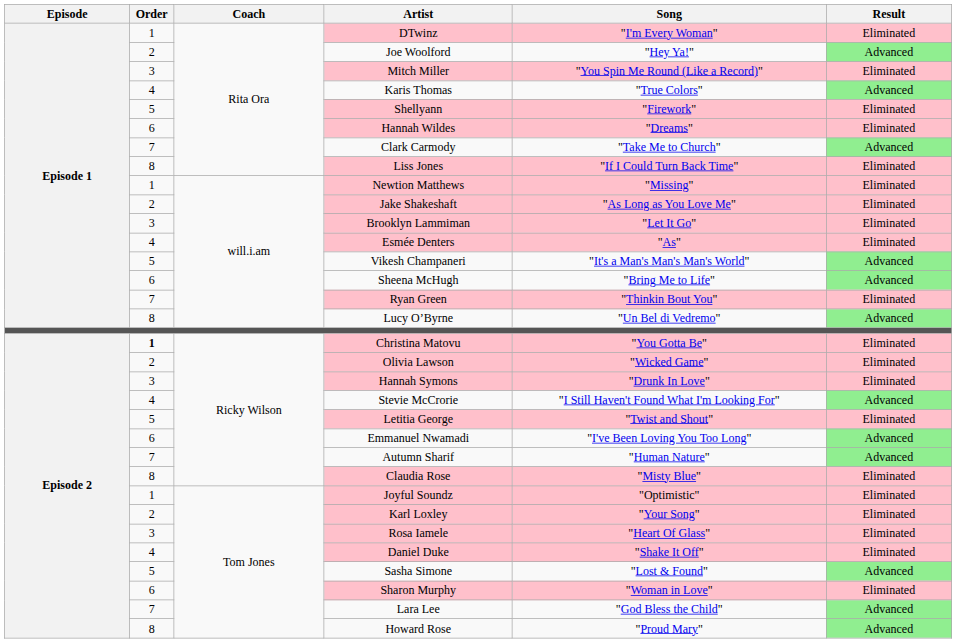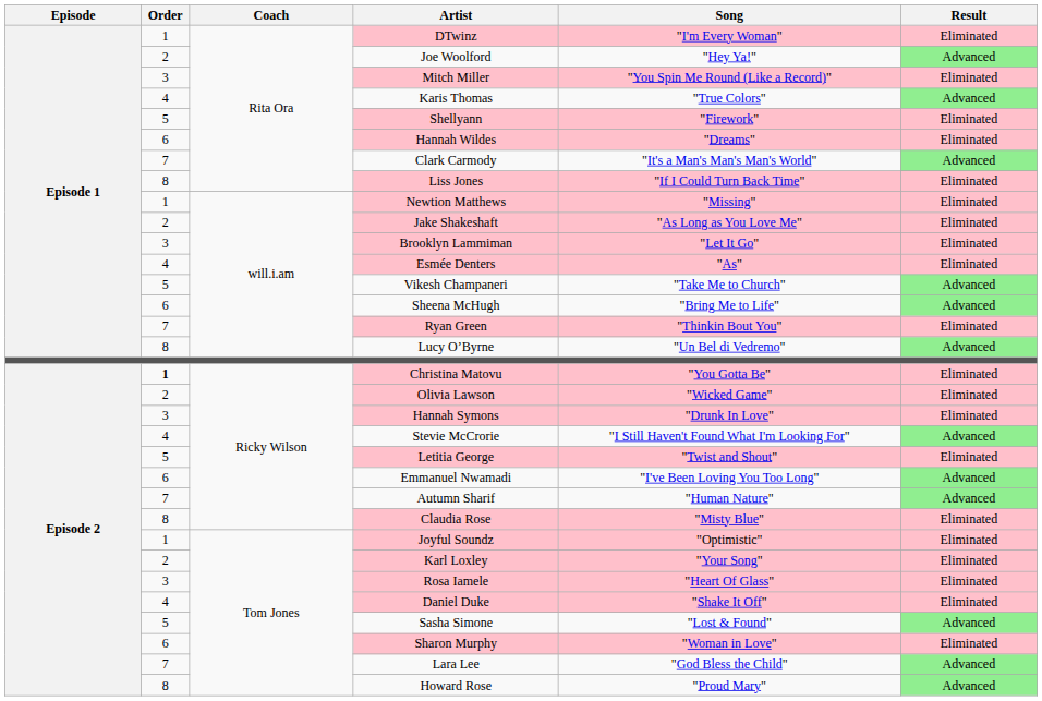 <table class="wikitable" style="text-align: center; width:100%;">
 <tr>
 <th style="width:10%;">Episode</th>
 <th style="width:02%;">Order</th>
 <th style="width:12%;">Coach</th>
 <th style="width:15%;">Artist</th>
 <th style="width:25%;">Song</th>
 <th style="width:10%;">Result</th>
 </tr>
 <tr>
 <th rowspan="16">Episode 1<br><small></small></th>
 <td>1</td>
 <td rowspan="8">Rita Ora</td>
 <td style="background:pink;">DTwinz</td>
 <td style="background:pink;">"<a href='#'>I'm Every Woman</a>"</td>
 <td style="background:pink;">Eliminated</td>
 </tr>
 <tr>
 <td>2</td>
 <td>Joe Woolford</td>
 <td>"<a href='#'>Hey Ya!</a>"</td>
 <td style="background:lightgreen;">Advanced</td>
 </tr>
 <tr>
 <td>3</td>
 <td style="background:pink;">Mitch Miller</td>
 <td style="background:pink;">"<a href='#'>You Spin Me Round (Like a Record)</a>"</td>
 <td style="background:pink;">Eliminated</td>
 </tr>
 <tr>
 <td>4</td>
 <td>Karis Thomas</td>
 <td>"<a href='#'>True Colors</a>"</td>
 <td style="background:lightgreen;">Advanced</td>
 </tr>
 <tr>
 <td>5</td>
 <td style="background:pink;">Shellyann</td>
 <td style="background:pink;">"<a href='#'>Firework</a>"</td>
 <td style="background:pink;">Eliminated</td>
 </tr>
 <tr>
 <td>6</td>
 <td style="background:pink;">Hannah Wildes</td>
 <td style="background:pink;">"<a href='#'>Dreams</a>"</td>
 <td style="background:pink;">Eliminated</td>
 </tr>
 <tr>
 <td>7</td>
 <td>Clark Carmody</td>
-<td>"<a href='#'>Take Me to Church</a>"</td>
+<td>"<a href='#'>It's a Man's Man's Man's World</a>"</td>
 <td style="background:lightgreen;">Advanced</td>
 </tr>
 <tr>
 <td>8</td>
 <td style="background:pink;">Liss Jones</td>
 <td style="background:pink;">"<a href='#'>If I Could Turn Back Time</a>"</td>
 <td style="background:pink;">Eliminated</td>
 </tr>
 <tr>
 <td>1</td>
 <td rowspan="8">will.i.am</td>
 <td style="background:pink;">Newtion Matthews</td>
 <td style="background:pink;">"<a href='#'>Missing</a>"</td>
 <td style="background:pink;">Eliminated</td>
 </tr>
 <tr>
 <td>2</td>
 <td style="background:pink;">Jake Shakeshaft</td>
 <td style="background:pink;">"<a href='#'>As Long as You Love Me</a>"</td>
 <td style="background:pink;">Eliminated</td>
 </tr>
 <tr>
 <td>3</td>
 <td style="background:pink;">Brooklyn Lammiman</td>
 <td style="background:pink;">"<a href='#'>Let It Go</a>"</td>
 <td style="background:pink;">Eliminated</td>
 </tr>
 <tr>
 <td>4</td>
 <td style="background:pink;">Esmée Denters</td>
 <td style="background:pink;">"<a href='#'>As</a>"</td>
 <td style="background:pink;">Eliminated</td>
 </tr>
 <tr>
 <td>5</td>
 <td>Vikesh Champaneri</td>
-<td>"<a href='#'>It's a Man's Man's Man's World</a>"</td>
+<td>"<a href='#'>Take Me to Church</a>"</td>
 <td style="background:lightgreen;">Advanced</td>
 </tr>
 <tr>
 <td>6</td>
 <td>Sheena McHugh</td>
 <td>"<a href='#'>Bring Me to Life</a>"</td>
 <td style="background:lightgreen;">Advanced</td>
 </tr>
 <tr>
 <td>7</td>
 <td style="background:pink;">Ryan Green</td>
 <td style="background:pink;">"<a href='#'>Thinkin Bout You</a>"</td>
 <td style="background:pink;">Eliminated</td>
 </tr>
 <tr>
 <td>8</td>
 <td>Lucy O’Byrne</td>
 <td>"<a href='#'>Un Bel di Vedremo</a>"</td>
 <td style="background:lightgreen;">Advanced</td>
 </tr>
 <tr>
 <td colspan="10" style="background:#555555;"></td>
 </tr>
 <tr>
 <th rowspan="16">Episode 2<br><small></small></th>
 <td><strong>1</strong></td>
 <td rowspan="8">Ricky Wilson</td>
 <td style="background:pink;">Christina Matovu</td>
 <td style="background:pink;">"<a href='#'>You Gotta Be</a>"</td>
 <td style="background:pink;">Eliminated</td>
 </tr>
 <tr>
 <td>2</td>
 <td style="background:pink;">Olivia Lawson</td>
 <td style="background:pink;">"<a href='#'>Wicked Game</a>"</td>
 <td style="background:pink;">Eliminated</td>
 </tr>
 <tr>
 <td>3</td>
 <td style="background:pink;">Hannah Symons</td>
 <td style="background:pink;">"<a href='#'>Drunk In Love</a>"</td>
 <td style="background:pink;">Eliminated</td>
 </tr>
 <tr>
 <td>4</td>
 <td>Stevie McCrorie</td>
 <td>"<a href='#'>I Still Haven't Found What I'm Looking For</a>"</td>
 <td style="background:lightgreen;">Advanced</td>
 </tr>
 <tr>
 <td>5</td>
 <td style="background:pink;">Letitia George</td>
 <td style="background:pink;">"<a href='#'>Twist and Shout</a>"</td>
 <td style="background:pink;">Eliminated</td>
 </tr>
 <tr>
 <td>6</td>
 <td>Emmanuel Nwamadi</td>
 <td>"<a href='#'>I've Been Loving You Too Long</a>"</td>
 <td style="background:lightgreen;">Advanced</td>
 </tr>
 <tr>
 <td>7</td>
 <td>Autumn Sharif</td>
 <td>"<a href='#'>Human Nature</a>"</td>
 <td style="background:lightgreen;">Advanced</td>
 </tr>
 <tr>
 <td>8</td>
 <td style="background:pink;">Claudia Rose</td>
 <td style="background:pink;">"<a href='#'>Misty Blue</a>"</td>
 <td style="background:pink;">Eliminated</td>
 </tr>
 <tr>
 <td>1</td>
 <td rowspan="8">Tom Jones</td>
 <td style="background:pink;">Joyful Soundz</td>
 <td style="background:pink;">"Optimistic"</td>
 <td style="background:pink;">Eliminated</td>
 </tr>
 <tr>
 <td>2</td>
 <td style="background:pink;">Karl Loxley</td>
 <td style="background:pink;">"<a href='#'>Your Song</a>"</td>
 <td style="background:pink;">Eliminated</td>
 </tr>
 <tr>
 <td>3</td>
 <td style="background:pink;">Rosa Iamele</td>
 <td style="background:pink;">"<a href='#'>Heart Of Glass</a>"</td>
 <td style="background:pink;">Eliminated</td>
 </tr>
 <tr>
 <td>4</td>
 <td style="background:pink;">Daniel Duke</td>
 <td style="background:pink;">"<a href='#'>Shake It Off</a>"</td>
 <td style="background:pink;">Eliminated</td>
 </tr>
 <tr>
 <td>5</td>
 <td>Sasha Simone</td>
 <td>"<a href='#'>Lost & Found</a>"</td>
 <td style="background:lightgreen;">Advanced</td>
 </tr>
 <tr>
 <td>6</td>
 <td style="background:pink;">Sharon Murphy</td>
 <td style="background:pink;">"<a href='#'>Woman in Love</a>"</td>
 <td style="background:pink;">Eliminated</td>
 </tr>
 <tr>
 <td>7</td>
 <td>Lara Lee</td>
 <td>"<a href='#'>God Bless the Child</a>"</td>
 <td style="background:lightgreen;">Advanced</td>
 </tr>
 <tr>
 <td>8</td>
 <td>Howard Rose</td>
 <td>"<a href='#'>Proud Mary</a>"</td>
 <td style="background:lightgreen;">Advanced</td>
 </tr>
 </table>
